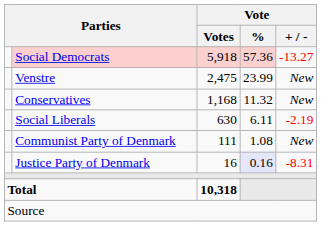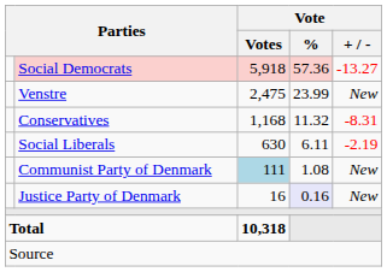 <table class="wikitable" style="text-align:right;">
 <tr>
 <th style="text-align:centre;" rowspan="2" colspan="2" width="225">Parties</th>
 <th colspan="3">Vote</th>
 </tr>
 <tr>
 <th width="15">Votes</th>
 <th width="15">%</th>
 <th width="15">+ / -</th>
 </tr>
 <tr>
 <td width="2" style="color:inherit;background:"></td>
 <td bgcolor=#fbd0ce  align="left"><a href='#'>Social Democrats</a></td>
 <td bgcolor=#fbd0ce>5,918</td>
 <td bgcolor=#fbd0ce>57.36</td>
 <td style=color:red;>-13.27</td>
 </tr>
 <tr>
 <td width="2" style="color:inherit;background:"></td>
 <td align="left"><a href='#'>Venstre</a></td>
 <td>2,475</td>
 <td>23.99</td>
 <td><em>New</em></td>
 </tr>
 <tr>
 <td width="2" style="color:inherit;background:"></td>
 <td align="left"><a href='#'>Conservatives</a></td>
 <td>1,168</td>
 <td>11.32</td>
-<td><em>New</em></td>
+<td style=color:red;>-8.31</td>
 </tr>
 <tr>
 <td width="2" style="color:inherit;background:"></td>
 <td align="left"><a href='#'>Social Liberals</a></td>
 <td>630</td>
 <td>6.11</td>
 <td style=color:red;>-2.19</td>
 </tr>
 <tr>
 <td width="2" style="color:inherit;background:"></td>
 <td align="left"><a href='#'>Communist Party of Denmark</a></td>
-<td>111</td>
+<td style="background: lightblue;">111</td>
 <td>1.08</td>
 <td><em>New</em></td>
 </tr>
 <tr>
 <td width="2" style="color:inherit;background:"></td>
 <td align="left"><a href='#'>Justice Party of Denmark</a></td>
 <td>16</td>
 <td style="background: lavender;">0.16</td>
-<td style=color:red;>-8.31</td>
+<td><em>New</em></td>
 </tr>
 <tr>
 <td colspan="7" bgcolor="#E9E9E9"></td>
 </tr>
 <tr>
 <td align="left" colspan="2"><strong>Total</strong></td>
 <td><strong>10,318</strong></td>
 <td bgcolor="#E9E9E9" colspan="2"></td>
 </tr>
 <tr>
 <td align="left" colspan="6">Source</td>
 </tr>
 </table>
